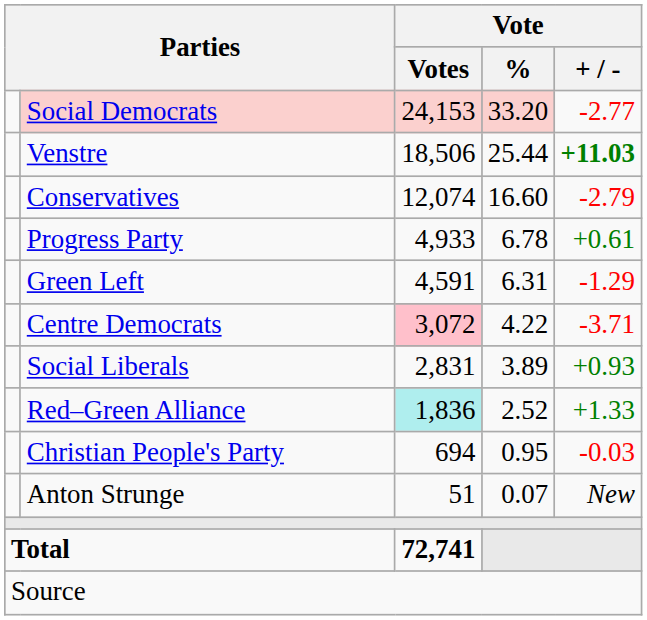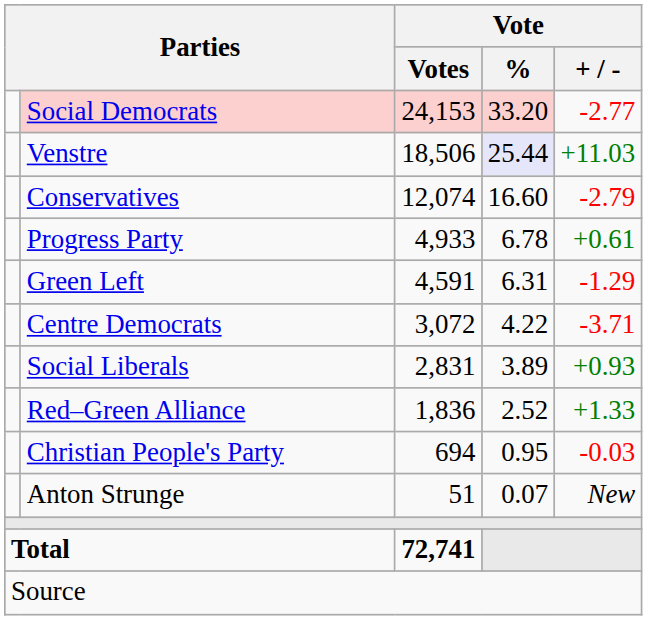 <table class="wikitable" style="text-align:right;">
 <tr>
 <th style="text-align:centre;" rowspan="2" colspan="2" width="225">Parties</th>
 <th colspan="3">Vote</th>
 </tr>
 <tr>
 <th width="15">Votes</th>
 <th width="15">%</th>
 <th width="15">+ / -</th>
 </tr>
 <tr>
 <td width="2" style="color:inherit;background:"></td>
 <td bgcolor=#fbd0ce  align="left"><a href='#'>Social Democrats</a></td>
 <td bgcolor=#fbd0ce>24,153</td>
 <td bgcolor=#fbd0ce>33.20</td>
 <td style=color:red;>-2.77</td>
 </tr>
 <tr>
 <td width="2" style="color:inherit;background:"></td>
 <td align="left"><a href='#'>Venstre</a></td>
 <td>18,506</td>
-<td>25.44</td>
-<td style=color:green;><strong>+11.03</strong></td>
+<td style="background: lavender;">25.44</td>
+<td style=color:green;>+11.03</td>
 </tr>
 <tr>
 <td width="2" style="color:inherit;background:"></td>
 <td align="left"><a href='#'>Conservatives</a></td>
 <td>12,074</td>
 <td>16.60</td>
 <td style=color:red;>-2.79</td>
 </tr>
 <tr>
 <td width="2" style="color:inherit;background:"></td>
 <td align="left"><a href='#'>Progress Party</a></td>
 <td>4,933</td>
 <td>6.78</td>
 <td style=color:green;>+0.61</td>
 </tr>
 <tr>
 <td width="2" style="color:inherit;background:"></td>
 <td align="left"><a href='#'>Green Left</a></td>
 <td>4,591</td>
 <td>6.31</td>
 <td style=color:red;>-1.29</td>
 </tr>
 <tr>
 <td width="2" style="color:inherit;background:"></td>
 <td align="left"><a href='#'>Centre Democrats</a></td>
-<td style="background: pink;">3,072</td>
+<td>3,072</td>
 <td>4.22</td>
 <td style=color:red;>-3.71</td>
 </tr>
 <tr>
 <td width="2" style="color:inherit;background:"></td>
 <td align="left"><a href='#'>Social Liberals</a></td>
 <td>2,831</td>
 <td>3.89</td>
 <td style=color:green;>+0.93</td>
 </tr>
 <tr>
 <td width="2" style="color:inherit;background:"></td>
 <td align="left"><a href='#'>Red–Green Alliance</a></td>
-<td style="background: paleturquoise;">1,836</td>
+<td>1,836</td>
 <td>2.52</td>
 <td style=color:green;>+1.33</td>
 </tr>
 <tr>
 <td width="2" style="color:inherit;background:"></td>
 <td align="left"><a href='#'>Christian People's Party</a></td>
 <td>694</td>
 <td>0.95</td>
 <td style=color:red;>-0.03</td>
 </tr>
 <tr>
 <td width="2" style="color:inherit;background:"></td>
 <td align="left">Anton Strunge</td>
 <td>51</td>
 <td>0.07</td>
 <td><em>New</em></td>
 </tr>
 <tr>
 <td colspan="7" bgcolor="#E9E9E9"></td>
 </tr>
 <tr>
 <td align="left" colspan="2"><strong>Total</strong></td>
 <td><strong>72,741</strong></td>
 <td bgcolor="#E9E9E9" colspan="2"></td>
 </tr>
 <tr>
 <td align="left" colspan="6">Source</td>
 </tr>
 </table>
